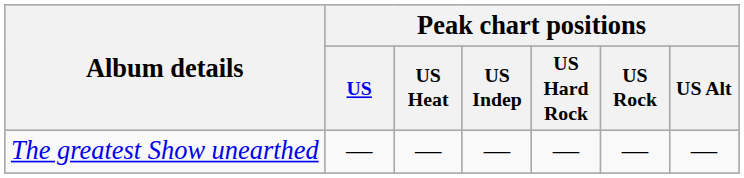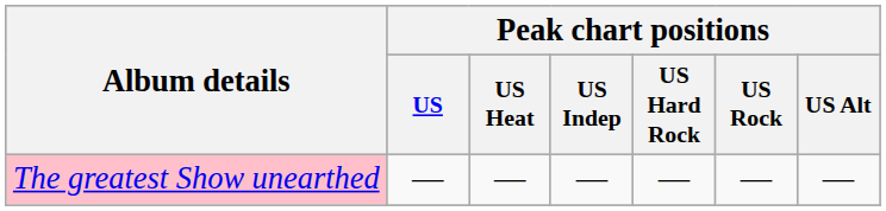 <table class="wikitable" style="text-align:center;">
 <tr>
 <th rowspan="2">Album details</th>
 <th colspan="19">Peak chart positions</th>
 </tr>
 <tr>
 <th style="width:3em;font-size:75%"><a href='#'>US</a></th>
 <th style="width:3em;font-size:75%">US Heat</th>
 <th style="width:3em;font-size:75%">US Indep</th>
 <th style="width:3em;font-size:75%">US Hard Rock</th>
 <th style="width:3em;font-size:75%">US Rock</th>
 <th style="width:3em;font-size:75%">US Alt</th>
 </tr>
 <tr>
-<td align=left><em><a href='#'>The greatest Show unearthed</a></em><br></td>
+<td align=left style="background: pink;"><em><a href='#'>The greatest Show unearthed</a></em><br></td>
 <td>—</td>
 <td>—</td>
 <td>—</td>
 <td>—</td>
 <td>—</td>
 <td>—</td>
 </tr>
 </table>
